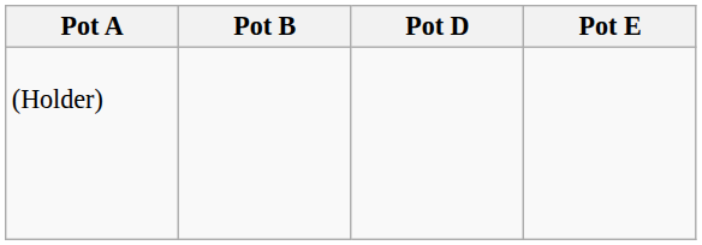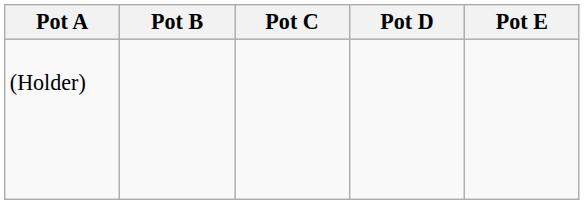 <table class="wikitable">
 <tr>
 <th width=15%>Pot A</th>
 <th width=15%>Pot B</th>
+<th width=15%>Pot C</th>
 <th width=15%>Pot D</th>
 <th width=15%>Pot E</th>
 </tr>
 <tr valign="top">
 <td><br> (Holder)<br> <br> <br> <br> <br> </td>
 <td><br><br> <br> <br> <br> <br> </td>
 <td><br><br> <br> <br> <br> <br> </td>
 <td><br><br> <br> <br> <br> <br> </td>
+<td><br><br> <br> <br> <br> <br> </td>
 </tr>
 </table>
